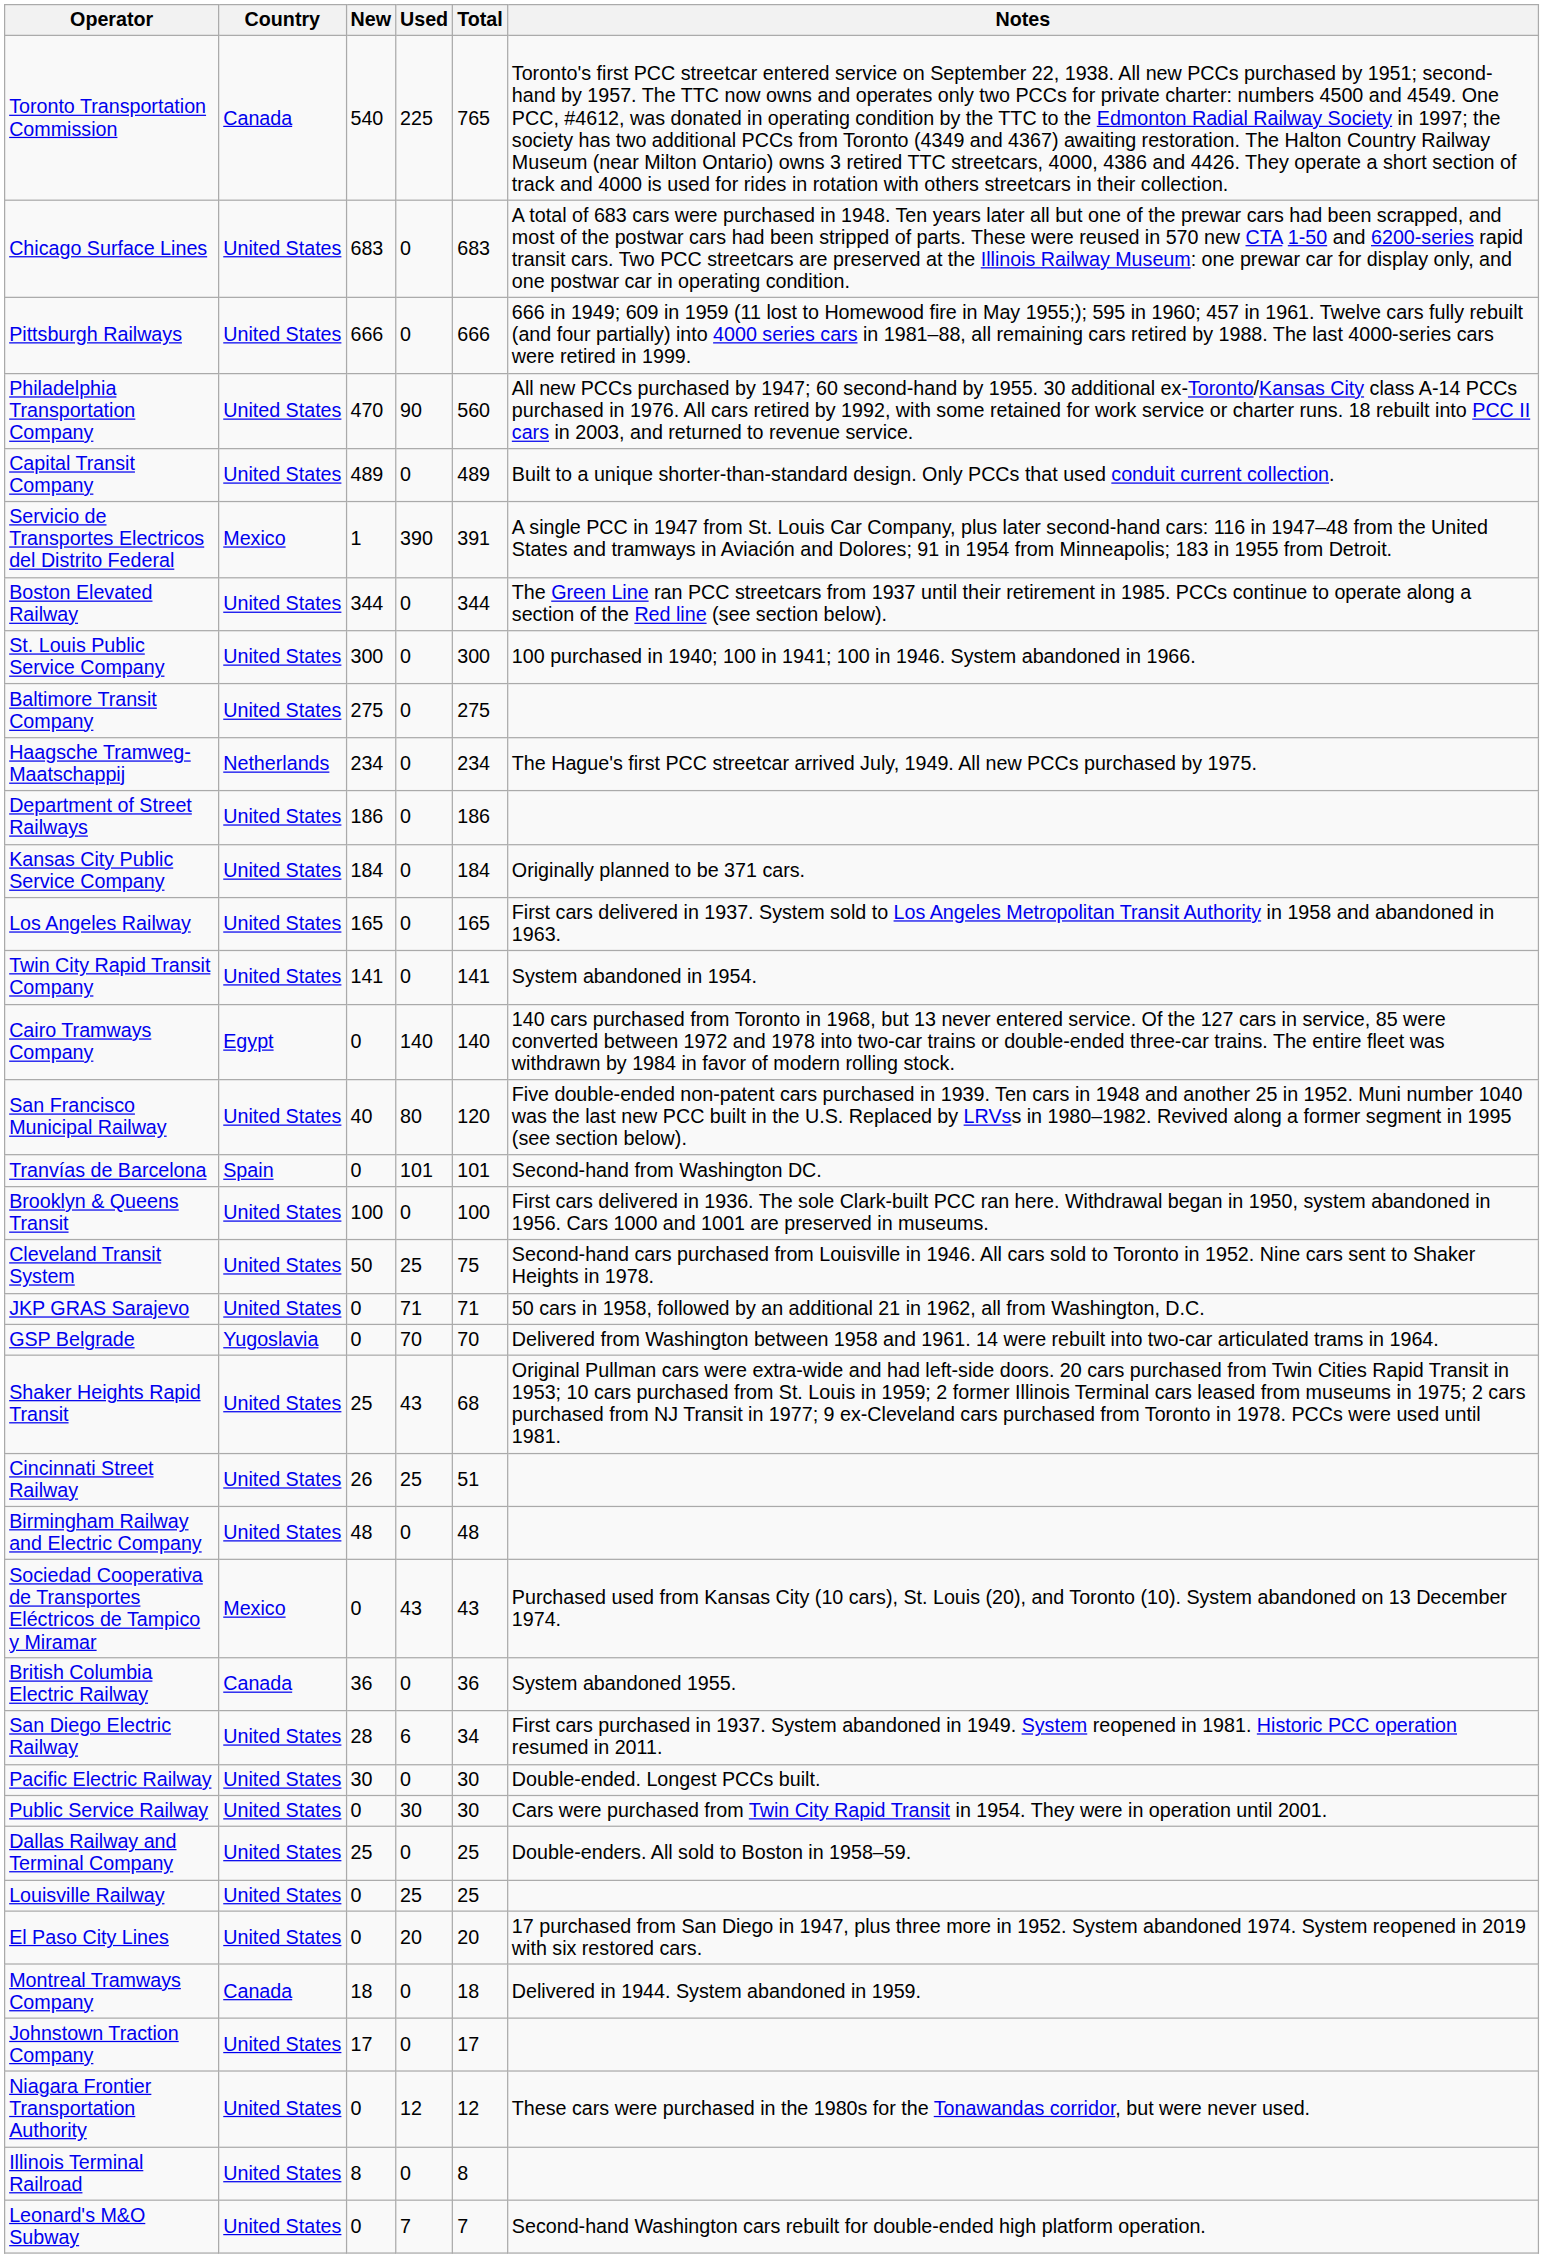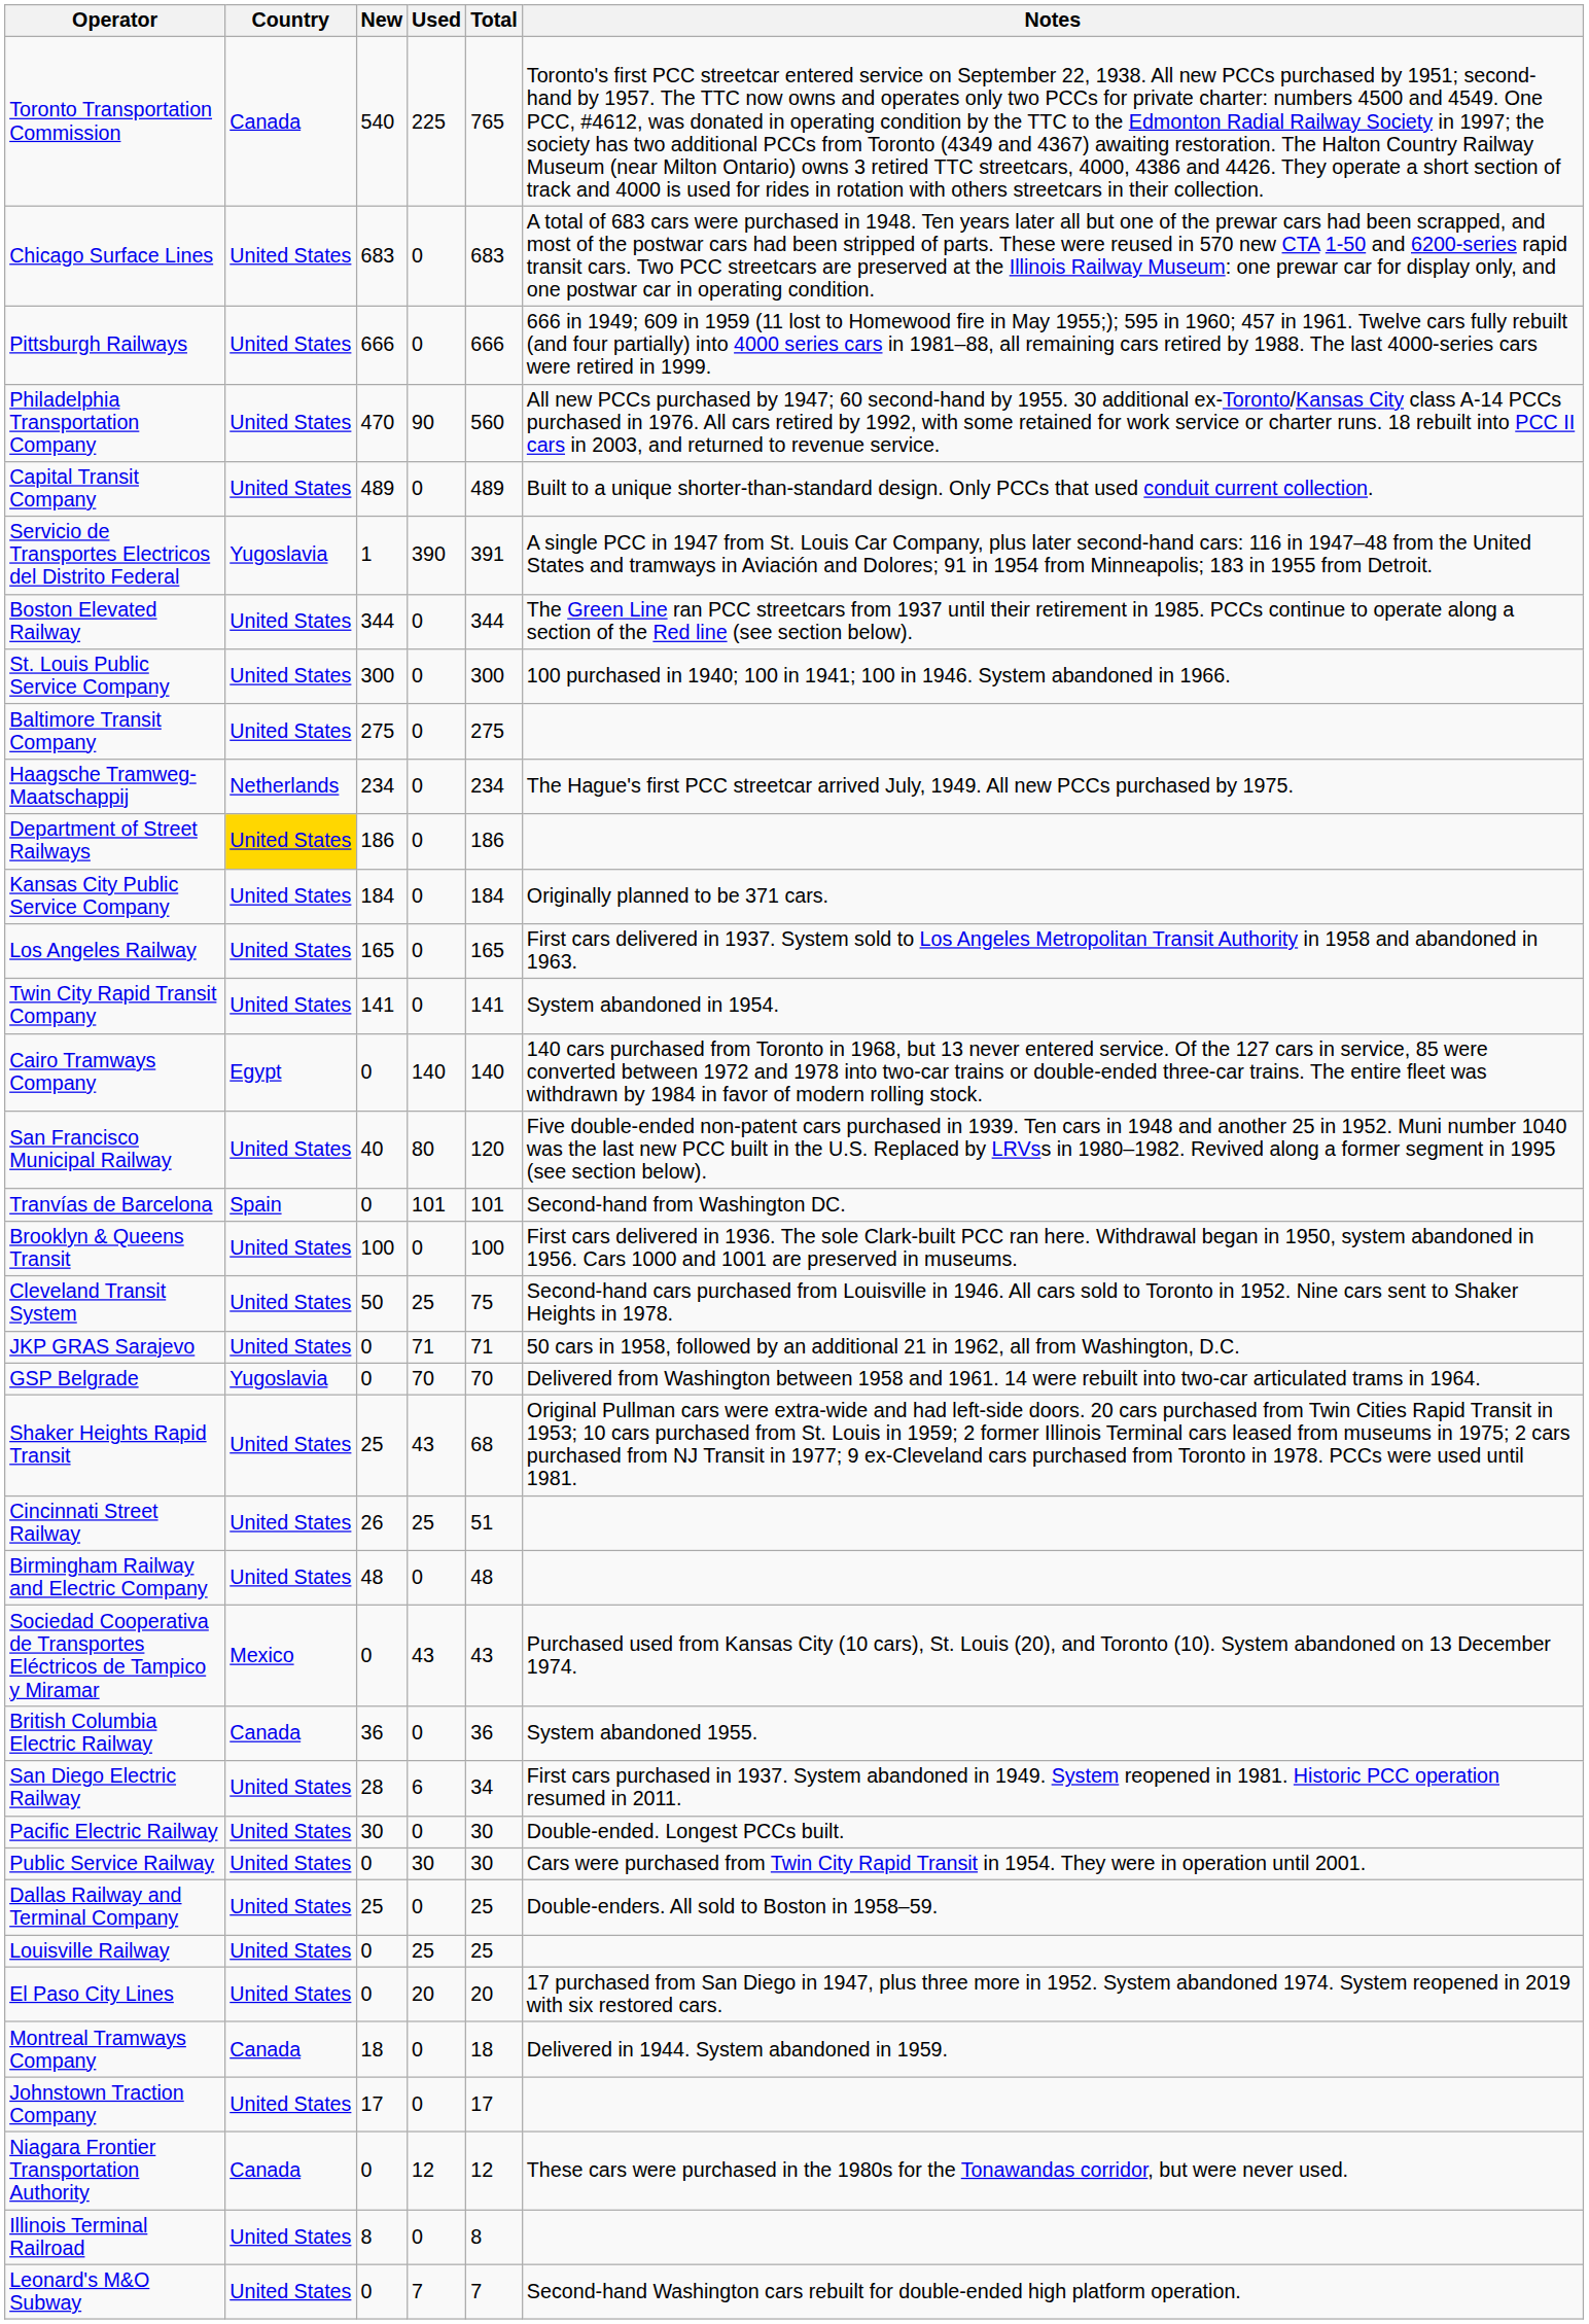 <table class="wikitable sortable">
 <tr>
 <th>Operator</th>
 <th>Country</th>
 <th>New</th>
 <th>Used</th>
 <th>Total</th>
 <th>Notes</th>
 </tr>
 <tr>
 <td><a href='#'>Toronto Transportation Commission</a></td>
 <td><a href='#'>Canada</a></td>
 <td>540</td>
 <td>225</td>
 <td>765</td>
 <td><br>Toronto's first PCC streetcar entered service on September 22, 1938. All new PCCs purchased by 1951; second-hand by 1957. The TTC now owns and operates only two PCCs for private charter: numbers 4500 and 4549. One PCC, #4612, was donated in operating condition by the TTC to the <a href='#'>Edmonton Radial Railway Society</a> in 1997; the society has two additional PCCs from Toronto (4349 and 4367) awaiting restoration. The Halton Country Railway Museum (near Milton Ontario) owns 3 retired TTC streetcars, 4000, 4386 and 4426. They operate a short section of track and 4000 is used for rides in rotation with others streetcars in their collection.</td>
 </tr>
 <tr>
 <td><a href='#'>Chicago Surface Lines</a></td>
 <td nowrap><a href='#'>United States</a></td>
 <td>683</td>
 <td>0</td>
 <td>683</td>
 <td>A total of 683 cars were purchased in 1948. Ten years later all but one of the prewar cars had been scrapped, and most of the postwar cars had been stripped of parts. These were reused in 570 new <a href='#'>CTA</a> <a href='#'>1-50</a> and <a href='#'>6200-series</a> rapid transit cars. Two PCC streetcars are preserved at the <a href='#'>Illinois Railway Museum</a>: one prewar car for display only, and one postwar car in operating condition.</td>
 </tr>
 <tr>
 <td><a href='#'>Pittsburgh Railways</a></td>
 <td><a href='#'>United States</a></td>
 <td>666</td>
 <td>0</td>
 <td>666</td>
 <td>666 in 1949; 609 in 1959 (11 lost to Homewood fire in May 1955;); 595 in 1960; 457 in 1961. Twelve cars fully rebuilt (and four partially) into <a href='#'>4000 series cars</a> in 1981–88, all remaining cars retired by 1988. The last 4000-series cars were retired in 1999.</td>
 </tr>
 <tr>
 <td><a href='#'>Philadelphia Transportation Company</a></td>
 <td><a href='#'>United States</a></td>
 <td>470</td>
 <td>90</td>
 <td>560</td>
 <td>All new PCCs purchased by 1947; 60 second-hand by 1955. 30 additional ex-<a href='#'>Toronto</a>/<a href='#'>Kansas City</a> class A-14 PCCs purchased in 1976. All cars retired by 1992, with some retained for work service or charter runs. 18 rebuilt into <a href='#'>PCC II cars</a> in 2003, and returned to revenue service.</td>
 </tr>
 <tr>
 <td><a href='#'>Capital Transit Company</a></td>
 <td><a href='#'>United States</a></td>
 <td>489</td>
 <td>0</td>
 <td>489</td>
 <td>Built to a unique shorter-than-standard design. Only PCCs that used <a href='#'>conduit current collection</a>.</td>
 </tr>
 <tr>
 <td><a href='#'>Servicio de Transportes Electricos del Distrito Federal</a></td>
-<td><a href='#'>Mexico</a></td>
+<td><a href='#'>Yugoslavia</a></td>
 <td>1</td>
 <td>390</td>
 <td>391</td>
 <td>A single PCC in 1947 from St. Louis Car Company, plus later second-hand cars: 116 in 1947–48 from the United States and tramways in Aviación and Dolores; 91 in 1954 from Minneapolis; 183 in 1955 from Detroit.</td>
 </tr>
 <tr>
 <td><a href='#'>Boston Elevated Railway</a></td>
 <td><a href='#'>United States</a></td>
 <td>344</td>
 <td>0</td>
 <td>344</td>
 <td>The <a href='#'>Green Line</a> ran PCC streetcars from 1937 until their retirement in 1985. PCCs continue to operate along a section of the <a href='#'>Red line</a> (see section below).</td>
 </tr>
 <tr>
 <td><a href='#'>St. Louis Public Service Company</a></td>
 <td><a href='#'>United States</a></td>
 <td>300</td>
 <td>0</td>
 <td>300</td>
 <td>100 purchased in 1940; 100 in 1941; 100 in 1946. System abandoned in 1966.</td>
 </tr>
 <tr>
 <td><a href='#'>Baltimore Transit Company</a></td>
 <td><a href='#'>United States</a></td>
 <td>275</td>
 <td>0</td>
 <td>275</td>
 <td></td>
 </tr>
 <tr>
 <td><a href='#'>Haagsche Tramweg-Maatschappij</a></td>
 <td><a href='#'>Netherlands</a></td>
 <td>234</td>
 <td>0</td>
 <td>234</td>
 <td>The Hague's first PCC streetcar arrived July, 1949. All new PCCs purchased by 1975.</td>
 </tr>
 <tr>
 <td><a href='#'>Department of Street Railways</a></td>
-<td><a href='#'>United States</a></td>
+<td style="background: gold;"><a href='#'>United States</a></td>
 <td>186</td>
 <td>0</td>
 <td>186</td>
 <td></td>
 </tr>
 <tr>
 <td><a href='#'>Kansas City Public Service Company</a></td>
 <td><a href='#'>United States</a></td>
 <td>184</td>
 <td>0</td>
 <td>184</td>
 <td>Originally planned to be 371 cars.</td>
 </tr>
 <tr>
 <td><a href='#'>Los Angeles Railway</a></td>
 <td><a href='#'>United States</a></td>
 <td>165</td>
 <td>0</td>
 <td>165</td>
 <td>First cars delivered in 1937. System sold to <a href='#'>Los Angeles Metropolitan Transit Authority</a> in 1958 and abandoned in 1963.</td>
 </tr>
 <tr>
 <td><a href='#'>Twin City Rapid Transit Company</a></td>
 <td><a href='#'>United States</a></td>
 <td>141</td>
 <td>0</td>
 <td>141</td>
 <td>System abandoned in 1954.</td>
 </tr>
 <tr>
 <td><a href='#'>Cairo Tramways Company</a></td>
 <td><a href='#'>Egypt</a></td>
 <td>0</td>
 <td>140</td>
 <td>140</td>
 <td>140 cars purchased from Toronto in 1968, but 13 never entered service. Of the 127 cars in service, 85 were converted between 1972 and 1978 into two-car trains or double-ended three-car trains. The entire fleet was withdrawn by 1984 in favor of modern rolling stock.</td>
 </tr>
 <tr>
 <td><a href='#'>San Francisco Municipal Railway</a></td>
 <td><a href='#'>United States</a></td>
 <td>40</td>
 <td>80</td>
 <td>120</td>
 <td>Five double-ended non-patent cars purchased in 1939. Ten cars in 1948 and another 25 in 1952. Muni number 1040 was the last new PCC built in the U.S. Replaced by <a href='#'>LRVs</a>s in 1980–1982. Revived along a former segment in 1995 (see section below).</td>
 </tr>
 <tr>
 <td><a href='#'>Tranvías de Barcelona</a></td>
 <td><a href='#'>Spain</a></td>
 <td>0</td>
 <td>101</td>
 <td>101</td>
 <td>Second-hand from Washington DC.</td>
 </tr>
 <tr>
 <td><a href='#'>Brooklyn & Queens Transit</a></td>
 <td><a href='#'>United States</a></td>
 <td>100</td>
 <td>0</td>
 <td>100</td>
 <td>First cars delivered in 1936. The sole Clark-built PCC ran here. Withdrawal began in 1950, system abandoned in 1956.  Cars 1000 and 1001 are preserved in museums.</td>
 </tr>
 <tr>
 <td><a href='#'>Cleveland Transit System</a></td>
 <td><a href='#'>United States</a></td>
 <td>50</td>
 <td>25</td>
 <td>75</td>
 <td>Second-hand cars purchased from Louisville in 1946. All cars sold to Toronto in 1952. Nine cars sent to Shaker Heights in 1978.</td>
 </tr>
 <tr>
 <td><a href='#'>JKP GRAS Sarajevo</a></td>
 <td><a href='#'>United States</a></td>
 <td>0</td>
 <td>71</td>
 <td>71</td>
 <td>50 cars in 1958, followed by an additional 21 in 1962, all from Washington, D.C.</td>
 </tr>
 <tr>
 <td><a href='#'>GSP Belgrade</a></td>
 <td><a href='#'>Yugoslavia</a></td>
 <td>0</td>
 <td>70</td>
 <td>70</td>
 <td>Delivered from Washington between 1958 and 1961. 14 were rebuilt into two-car articulated trams in 1964.</td>
 </tr>
 <tr>
 <td><a href='#'>Shaker Heights Rapid Transit</a></td>
 <td><a href='#'>United States</a></td>
 <td>25</td>
 <td>43</td>
 <td>68</td>
 <td>Original Pullman cars were extra-wide and had left-side doors. 20 cars purchased from Twin Cities Rapid Transit in 1953; 10 cars purchased from St. Louis in 1959; 2 former Illinois Terminal cars leased from museums in 1975; 2 cars purchased from NJ Transit in 1977; 9 ex-Cleveland cars purchased from Toronto in 1978. PCCs were used until 1981.</td>
 </tr>
 <tr>
 <td><a href='#'>Cincinnati Street Railway</a></td>
 <td><a href='#'>United States</a></td>
 <td>26</td>
 <td>25</td>
 <td>51</td>
 <td></td>
 </tr>
 <tr>
 <td><a href='#'>Birmingham Railway and Electric Company</a></td>
 <td><a href='#'>United States</a></td>
 <td>48</td>
 <td>0</td>
 <td>48</td>
 <td></td>
 </tr>
 <tr>
 <td><a href='#'>Sociedad Cooperativa de Transportes Eléctricos de Tampico y Miramar</a></td>
 <td><a href='#'>Mexico</a></td>
 <td>0</td>
 <td>43</td>
 <td>43</td>
 <td>Purchased used from Kansas City (10 cars), St. Louis (20), and Toronto (10). System abandoned on 13 December 1974.</td>
 </tr>
 <tr>
 <td><a href='#'>British Columbia Electric Railway</a></td>
 <td><a href='#'>Canada</a></td>
 <td>36</td>
 <td>0</td>
 <td>36</td>
 <td>System abandoned 1955.</td>
 </tr>
 <tr>
 <td><a href='#'>San Diego Electric Railway</a></td>
 <td><a href='#'>United States</a></td>
 <td>28</td>
 <td>6</td>
 <td>34</td>
 <td>First cars purchased in 1937. System abandoned in 1949. <a href='#'>System</a> reopened in 1981. <a href='#'>Historic PCC operation</a> resumed in 2011.</td>
 </tr>
 <tr>
 <td><a href='#'>Pacific Electric Railway</a></td>
 <td><a href='#'>United States</a></td>
 <td>30</td>
 <td>0</td>
 <td>30</td>
 <td>Double-ended. Longest PCCs built.</td>
 </tr>
 <tr>
 <td><a href='#'>Public Service Railway</a></td>
 <td><a href='#'>United States</a></td>
 <td>0</td>
 <td>30</td>
 <td>30</td>
 <td>Cars were purchased from <a href='#'>Twin City Rapid Transit</a> in 1954. They were in operation until 2001.</td>
 </tr>
 <tr>
 <td><a href='#'>Dallas Railway and Terminal Company</a></td>
 <td><a href='#'>United States</a></td>
 <td>25</td>
 <td>0</td>
 <td>25</td>
 <td>Double-enders. All sold to Boston in 1958–59.</td>
 </tr>
 <tr>
 <td><a href='#'>Louisville Railway</a></td>
 <td><a href='#'>United States</a></td>
 <td>0</td>
 <td>25</td>
 <td>25</td>
 <td></td>
 </tr>
 <tr>
 <td><a href='#'>El Paso City Lines</a></td>
 <td><a href='#'>United States</a></td>
 <td>0</td>
 <td>20</td>
 <td>20</td>
 <td>17 purchased from San Diego in 1947, plus three more in 1952. System abandoned 1974. System reopened in 2019 with six restored cars.</td>
 </tr>
 <tr>
 <td><a href='#'>Montreal Tramways Company</a></td>
 <td><a href='#'>Canada</a></td>
 <td>18</td>
 <td>0</td>
 <td>18</td>
 <td>Delivered in 1944. System abandoned in 1959.</td>
 </tr>
 <tr>
 <td><a href='#'>Johnstown Traction Company</a></td>
 <td><a href='#'>United States</a></td>
 <td>17</td>
 <td>0</td>
 <td>17</td>
 </tr>
 <tr>
 <td><a href='#'>Niagara Frontier Transportation Authority</a></td>
-<td><a href='#'>United States</a></td>
+<td><a href='#'>Canada</a></td>
 <td>0</td>
 <td>12</td>
 <td>12</td>
 <td>These cars were purchased in the 1980s for the <a href='#'>Tonawandas corridor</a>, but were never used.</td>
 </tr>
 <tr>
 <td><a href='#'>Illinois Terminal Railroad</a></td>
 <td><a href='#'>United States</a></td>
 <td>8</td>
 <td>0</td>
 <td>8</td>
 <td></td>
 </tr>
 <tr>
 <td><a href='#'>Leonard's M&O Subway</a></td>
 <td><a href='#'>United States</a></td>
 <td>0</td>
 <td>7</td>
 <td>7</td>
 <td>Second-hand Washington cars rebuilt for double-ended high platform operation.</td>
 </tr>
 </table>
